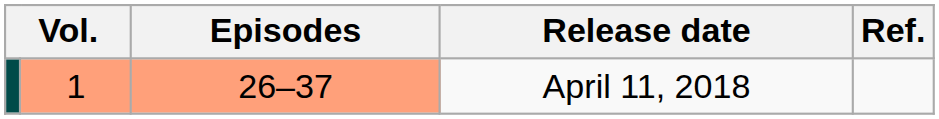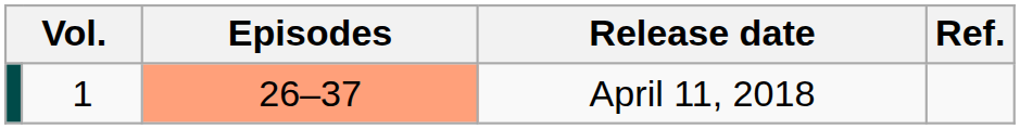 <table class="wikitable" style="text-align: center; width: 70%;">
 <tr>
 <th colspan="2">Vol.</th>
 <th>Episodes</th>
 <th scope="column">Release date</th>
 <th width="5%">Ref.</th>
 </tr>
 <tr>
 <td rowspan="10" width="1%" style="background: #004B49;"></td>
-<td style="background: lightsalmon;">1</td>
+<td>1</td>
 <td style="background: lightsalmon;">26–37</td>
 <td>April 11, 2018</td>
 <td></td>
 </tr>
 </table>
